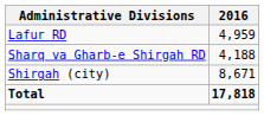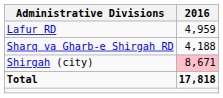 <table class="wikitable">
 <tr>
 <th>Administrative Divisions</th>
 <th>2016</th>
 </tr>
 <tr>
 <td><a href='#'>Lafur RD</a></td>
 <td style="text-align: right;">4,959</td>
 </tr>
 <tr>
 <td><a href='#'>Sharq va Gharb-e Shirgah RD</a></td>
 <td style="text-align: right;">4,188</td>
 </tr>
 <tr>
 <td><a href='#'>Shirgah</a> (city)</td>
-<td style="text-align: right;">8,671</td>
+<td style="background: pink; text-align: right;">8,671</td>
 </tr>
 <tr>
 <td><strong>Total</strong></td>
 <td style="text-align: right;"><strong>17,818</strong></td>
 </tr>
 <tr>
 <td colspan=2></td>
 </tr>
 </table>
